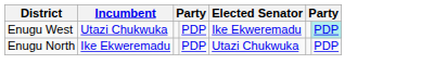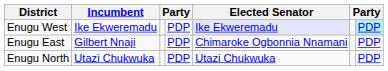 <table class="sortable wikitable" style="font-size:95%;line-height:14px;">
 <tr>
 <th class="unsortable">District</th>
 <th class="unsortable"><a href='#'>Incumbent</a></th>
 <th colspan="2">Party</th>
 <th class="unsortable">Elected Senator</th>
 <th colspan="2">Party</th>
 </tr>
 <tr>
 <td>Enugu West</td>
-<td><a href='#'>Utazi Chukwuka</a></td>
+<td><a href='#'>Ike Ekweremadu</a></td>
 <td style="background:"></td>
 <td><a href='#'>PDP</a></td>
-<td><a href='#'>Ike Ekweremadu</a></td>
+<td style="background: lavender;"><a href='#'>Ike Ekweremadu</a></td>
 <td style="background:"></td>
 <td style="background: paleturquoise;"><a href='#'>PDP</a></td>
 </tr>
 <tr>
+<td>Enugu East</td>
+<td><a href='#'>Gilbert Nnaji</a></td>
+<td style="background:"></td>
+<td><a href='#'>PDP</a></td>
+<td><a href='#'>Chimaroke Ogbonnia Nnamani</a></td>
+<td style="background:"></td>
+<td><a href='#'>PDP</a></td>
+</tr>
+<tr>
 <td>Enugu North</td>
-<td><a href='#'>Ike Ekweremadu</a></td>
+<td><a href='#'>Utazi Chukwuka</a></td>
 <td style="background:"></td>
 <td><a href='#'>PDP</a></td>
 <td><a href='#'>Utazi Chukwuka</a></td>
 <td style="background:"></td>
 <td><a href='#'>PDP</a></td>
 </tr>
 </table>
